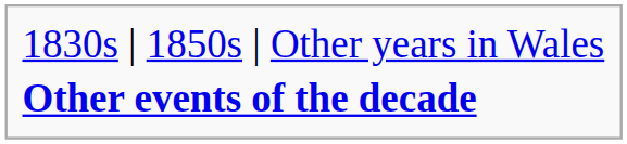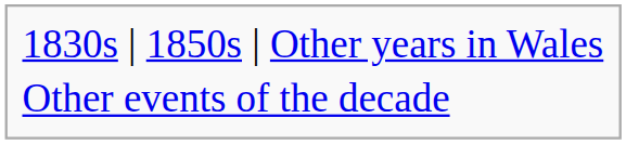 <table class="infobox" id="toc">
 <tr>
 <td align="left"><a href='#'>1830s</a> | <a href='#'>1850s</a> | <a href='#'>Other years in Wales</a></td>
 </tr>
 <tr>
-<td><strong><a href='#'>Other events of the decade</a></strong></td>
+<td><a href='#'>Other events of the decade</a></td>
 </tr>
 </table>
